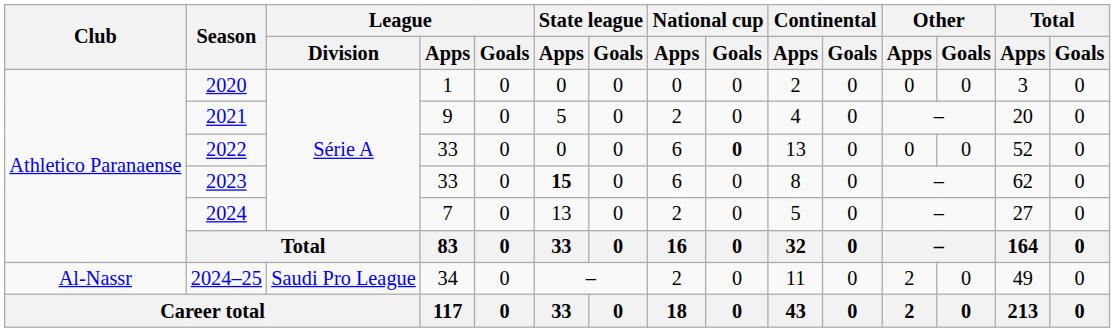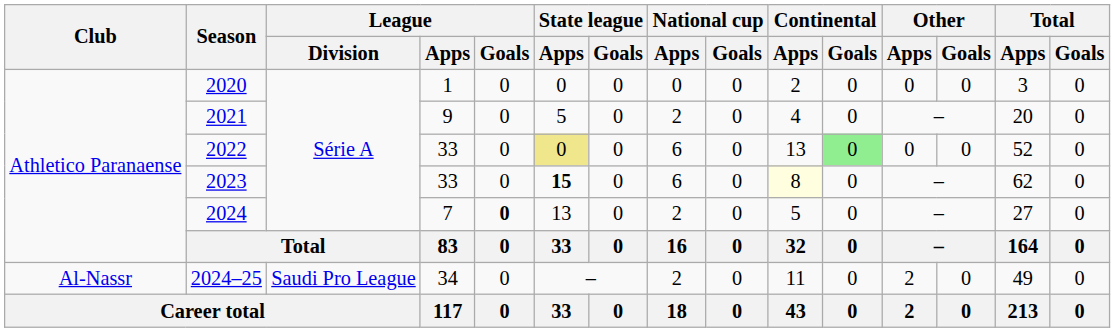 <table class="wikitable" style="text-align: center;">
 <tr>
 <th rowspan="2">Club</th>
 <th rowspan="2">Season</th>
 <th colspan="3">League</th>
 <th colspan="2">State league</th>
 <th colspan="2">National cup</th>
 <th colspan="2">Continental</th>
 <th colspan="2">Other</th>
 <th colspan="2">Total</th>
 </tr>
 <tr>
 <th>Division</th>
 <th>Apps</th>
 <th>Goals</th>
 <th>Apps</th>
 <th>Goals</th>
 <th>Apps</th>
 <th>Goals</th>
 <th>Apps</th>
 <th>Goals</th>
 <th>Apps</th>
 <th>Goals</th>
 <th>Apps</th>
 <th>Goals</th>
 </tr>
 <tr>
 <td rowspan="6" valign="center"><a href='#'>Athletico Paranaense</a></td>
 <td><a href='#'>2020</a></td>
 <td rowspan="5"><a href='#'>Série A</a></td>
 <td>1</td>
 <td>0</td>
 <td>0</td>
 <td>0</td>
 <td>0</td>
 <td>0</td>
 <td>2</td>
 <td>0</td>
 <td>0</td>
 <td>0</td>
 <td>3</td>
 <td>0</td>
 </tr>
 <tr>
 <td><a href='#'>2021</a></td>
 <td>9</td>
 <td>0</td>
 <td>5</td>
 <td>0</td>
 <td>2</td>
 <td>0</td>
 <td>4</td>
 <td>0</td>
 <td colspan="2">–</td>
 <td>20</td>
 <td>0</td>
 </tr>
 <tr>
 <td><a href='#'>2022</a></td>
 <td>33</td>
 <td>0</td>
-<td>0</td>
+<td style="background: khaki;">0</td>
 <td>0</td>
 <td>6</td>
-<td><strong>0</strong></td>
+<td>0</td>
 <td>13</td>
-<td>0</td>
+<td style="background: lightgreen;">0</td>
 <td>0</td>
 <td>0</td>
 <td>52</td>
 <td>0</td>
 </tr>
 <tr>
 <td><a href='#'>2023</a></td>
 <td>33</td>
 <td>0</td>
 <td><strong>15</strong></td>
 <td>0</td>
 <td>6</td>
 <td>0</td>
-<td>8</td>
+<td style="background: lightyellow;">8</td>
 <td>0</td>
 <td colspan="2">–</td>
 <td>62</td>
 <td>0</td>
 </tr>
 <tr>
 <td><a href='#'>2024</a></td>
 <td>7</td>
-<td>0</td>
+<td><strong>0</strong></td>
 <td>13</td>
 <td>0</td>
 <td>2</td>
 <td>0</td>
 <td>5</td>
 <td>0</td>
 <td colspan="2">–</td>
 <td>27</td>
 <td>0</td>
 </tr>
 <tr>
 <th colspan="2">Total</th>
 <th>83</th>
 <th>0</th>
 <th>33</th>
 <th>0</th>
 <th>16</th>
 <th>0</th>
 <th>32</th>
 <th>0</th>
 <th colspan="2">–</th>
 <th>164</th>
 <th>0</th>
 </tr>
 <tr>
 <td><a href='#'>Al-Nassr</a></td>
 <td><a href='#'>2024–25</a></td>
 <td><a href='#'>Saudi Pro League</a></td>
 <td>34</td>
 <td>0</td>
 <td colspan="2">–</td>
 <td>2</td>
 <td>0</td>
 <td>11</td>
 <td>0</td>
 <td>2</td>
 <td>0</td>
 <td>49</td>
 <td>0</td>
 </tr>
 <tr>
 <th colspan="3">Career total</th>
 <th>117</th>
 <th>0</th>
 <th>33</th>
 <th>0</th>
 <th>18</th>
 <th>0</th>
 <th>43</th>
 <th>0</th>
 <th>2</th>
 <th>0</th>
 <th>213</th>
 <th>0</th>
 </tr>
 </table>
